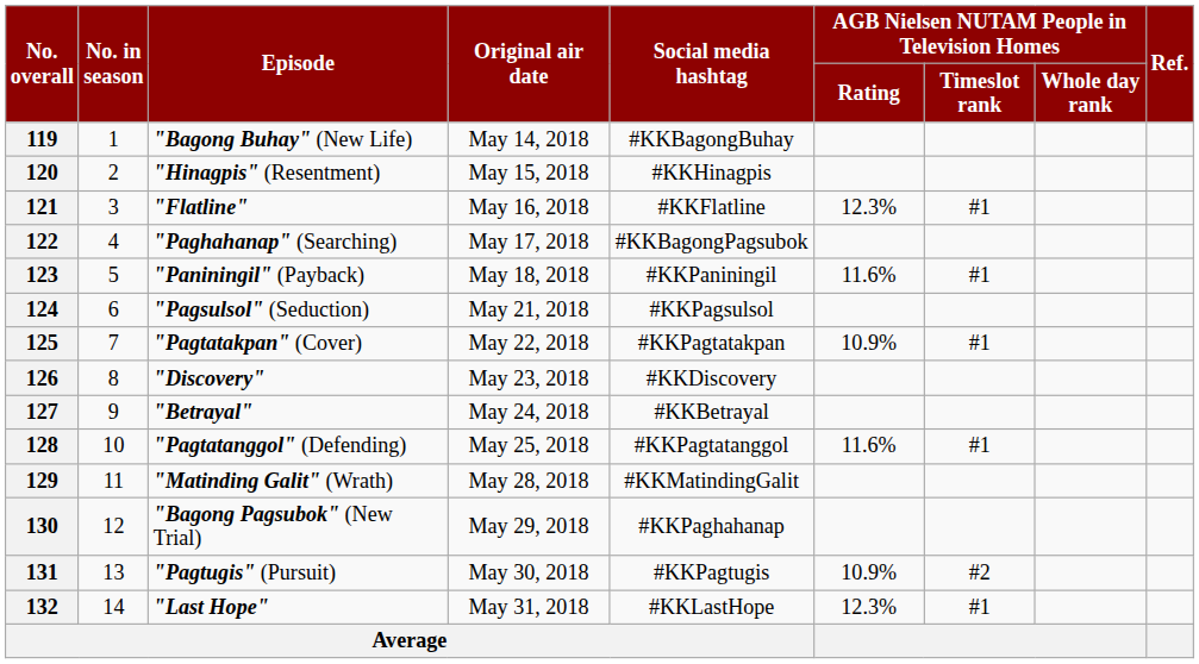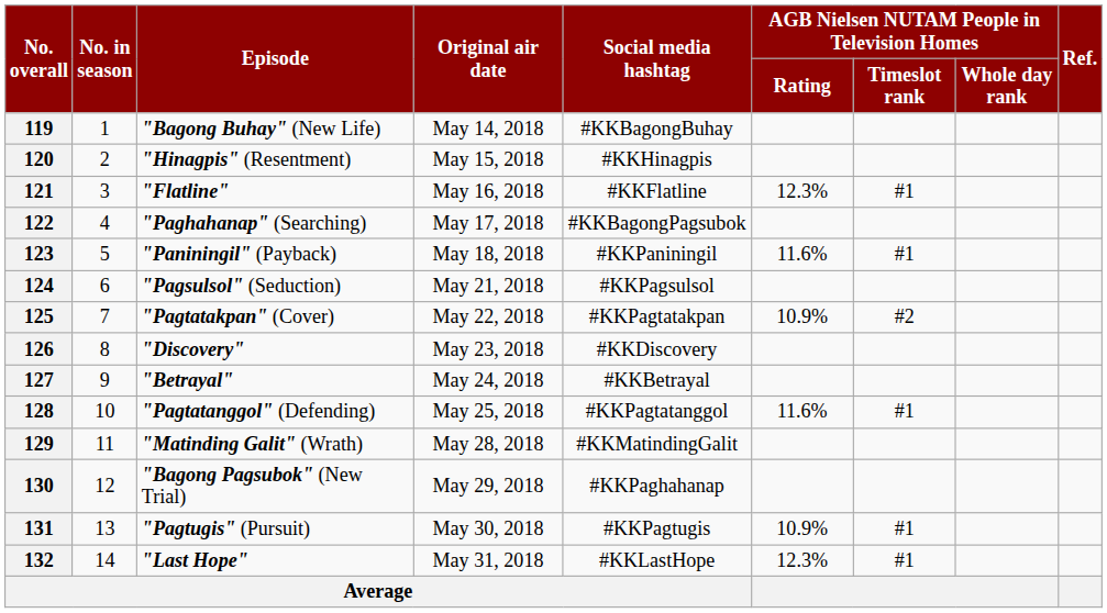 <table class="wikitable" style="text-align:center; font-size:100%; line-height:18px;" width="100%">
 <tr>
 <th style="background-color:#8e0101; color:#ffffff;" rowspan="2">No.<br>overall</th>
 <th style="background-color:#8e0101; color:#ffffff;" rowspan="2">No. in<br>season</th>
 <th style="background-color:#8e0101; color:#ffffff;" rowspan="2">Episode</th>
 <th style="background-color:#8e0101; color:white" rowspan="2">Original air date</th>
 <th style="background-color:#8e0101; color:white" rowspan="2">Social media hashtag</th>
 <th style="background-color:#8e0101; color:#ffffff;" colspan="3">AGB Nielsen NUTAM People in Television Homes</th>
 <th style="background-color:#8e0101;  color:#ffffff;" rowspan="2">Ref.</th>
 </tr>
 <tr>
 <th style="background-color:#8e0101; width:75px; color:#ffffff;">Rating</th>
 <th style="background-color:#8e0101; width:75px; color:#ffffff;">Timeslot<br>rank</th>
 <th style="background-color:#8e0101; width:75px; color:#ffffff;">Whole day<br>rank</th>
 </tr>
 <tr>
 <th>119</th>
 <td>1</td>
 <td style="text-align: left;"><strong><em>"Bagong Buhay"</em></strong> (New Life)</td>
 <td>May 14, 2018</td>
 <td>#KKBagongBuhay</td>
 <td></td>
 <td></td>
 <td></td>
 <td></td>
 </tr>
 <tr>
 <th>120</th>
 <td>2</td>
 <td style="text-align: left;"><strong><em>"Hinagpis"</em></strong> (Resentment)</td>
 <td>May 15, 2018</td>
 <td>#KKHinagpis</td>
 <td></td>
 <td></td>
 <td></td>
 <td></td>
 </tr>
 <tr>
 <th>121</th>
 <td>3</td>
 <td style="text-align: left;"><strong><em>"Flatline"</em></strong></td>
 <td>May 16, 2018</td>
 <td>#KKFlatline</td>
 <td>12.3%</td>
 <td>#1</td>
 <td></td>
 <td></td>
 </tr>
 <tr>
 <th>122</th>
 <td>4</td>
 <td style="text-align: left;"><strong><em>"Paghahanap"</em></strong> (Searching)</td>
 <td>May 17, 2018</td>
 <td>#KKBagongPagsubok</td>
 <td></td>
 <td></td>
 <td></td>
 <td></td>
 </tr>
 <tr>
 <th>123</th>
 <td>5</td>
 <td style="text-align: left;"><strong><em>"Paniningil"</em></strong> (Payback)</td>
 <td>May 18, 2018</td>
 <td>#KKPaniningil</td>
 <td>11.6%</td>
 <td>#1</td>
 <td></td>
 <td></td>
 </tr>
 <tr>
 <th>124</th>
 <td>6</td>
 <td style="text-align: left;"><strong><em>"Pagsulsol"</em></strong> (Seduction)</td>
 <td>May 21, 2018</td>
 <td>#KKPagsulsol</td>
 <td></td>
 <td></td>
 <td></td>
 <td></td>
 </tr>
 <tr>
 <th>125</th>
 <td>7</td>
 <td style="text-align: left;"><strong><em>"Pagtatakpan"</em></strong> (Cover)</td>
 <td>May 22, 2018</td>
 <td>#KKPagtatakpan</td>
 <td>10.9%</td>
-<td>#1</td>
+<td>#2</td>
 <td></td>
 <td></td>
 </tr>
 <tr>
 <th>126</th>
 <td>8</td>
 <td style="text-align: left;"><strong><em>"Discovery"</em></strong></td>
 <td>May 23, 2018</td>
 <td>#KKDiscovery</td>
 <td></td>
 <td></td>
 <td></td>
 <td></td>
 </tr>
 <tr>
 <th>127</th>
 <td>9</td>
 <td style="text-align: left;"><strong><em>"Betrayal"</em></strong></td>
 <td>May 24, 2018</td>
 <td>#KKBetrayal</td>
 <td></td>
 <td></td>
 <td></td>
 <td></td>
 </tr>
 <tr>
 <th>128</th>
 <td>10</td>
 <td style="text-align: left;"><strong><em>"Pagtatanggol"</em></strong> (Defending)</td>
 <td>May 25, 2018</td>
 <td>#KKPagtatanggol</td>
 <td>11.6%</td>
 <td>#1</td>
 <td></td>
 <td></td>
 </tr>
 <tr>
 <th>129</th>
 <td>11</td>
 <td style="text-align: left;"><strong><em>"Matinding Galit"</em></strong> (Wrath)</td>
 <td>May 28, 2018</td>
 <td>#KKMatindingGalit</td>
 <td></td>
 <td></td>
 <td></td>
 <td></td>
 </tr>
 <tr>
 <th>130</th>
 <td>12</td>
 <td style="text-align: left;"><strong><em>"Bagong Pagsubok"</em></strong> (New Trial)</td>
 <td>May 29, 2018</td>
 <td>#KKPaghahanap</td>
 <td></td>
 <td></td>
 <td></td>
 <td></td>
 </tr>
 <tr>
 <th>131</th>
 <td>13</td>
 <td style="text-align: left;"><strong><em>"Pagtugis"</em></strong> (Pursuit)</td>
 <td>May 30, 2018</td>
 <td>#KKPagtugis</td>
 <td>10.9%</td>
-<td>#2</td>
+<td>#1</td>
 <td></td>
 <td></td>
 </tr>
 <tr>
 <th>132</th>
 <td>14</td>
 <td style="text-align: left;"><strong><em>"Last Hope"</em></strong></td>
 <td>May 31, 2018</td>
 <td>#KKLastHope</td>
 <td>12.3%</td>
 <td>#1</td>
 <td></td>
 <td></td>
 </tr>
 <tr>
 <th colspan="5">Average</th>
 <th colspan="3"></th>
 <th></th>
 </tr>
 </table>
